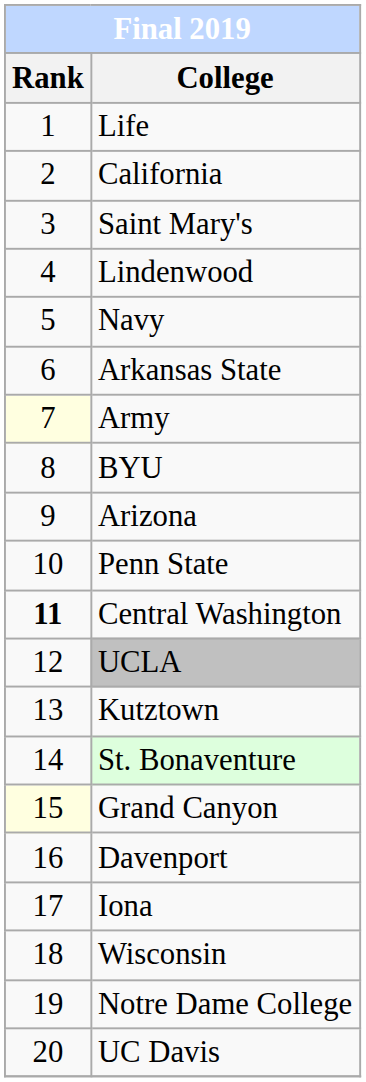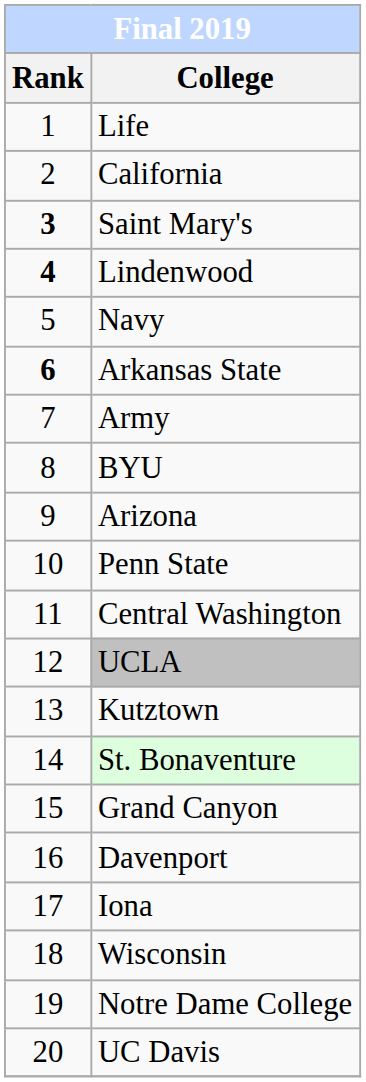 <table class="wikitable sortable collapsible collapsed">
 <tr>
 <th colspan=2 style="background:#BFD7FF; color:white;">Final 2019</th>
 </tr>
 <tr>
 <th>Rank</th>
 <th>College</th>
 </tr>
 <tr>
 <td align="center ">1</td>
 <td>Life</td>
 </tr>
 <tr>
 <td align="center ">2</td>
 <td>California</td>
 </tr>
 <tr>
-<td align="center ">3</td>
+<td align="center "><strong>3</strong></td>
 <td>Saint Mary's</td>
 </tr>
 <tr>
-<td align="center ">4</td>
+<td align="center "><strong>4</strong></td>
 <td>Lindenwood</td>
 </tr>
 <tr>
 <td align="center ">5</td>
 <td>Navy</td>
 </tr>
 <tr>
-<td align="center ">6</td>
+<td align="center "><strong>6</strong></td>
 <td>Arkansas State</td>
 </tr>
 <tr>
-<td align="center " style="background: lightyellow;">7</td>
+<td align="center ">7</td>
 <td>Army</td>
 </tr>
 <tr>
 <td align="center ">8</td>
 <td>BYU</td>
 </tr>
 <tr>
 <td align="center ">9</td>
 <td>Arizona</td>
 </tr>
 <tr>
 <td align="center ">10</td>
 <td>Penn State</td>
 </tr>
 <tr>
-<td align="center "><strong>11</strong></td>
+<td align="center ">11</td>
 <td>Central Washington</td>
 </tr>
 <tr>
 <td align="center ">12</td>
 <td style="background:silver">UCLA</td>
 </tr>
 <tr>
 <td align="center ">13</td>
 <td>Kutztown</td>
 </tr>
 <tr>
 <td align="center ">14</td>
 <td style="background:#dfd;">St. Bonaventure</td>
 </tr>
 <tr>
-<td align="center " style="background: lightyellow;">15</td>
+<td align="center ">15</td>
 <td>Grand Canyon</td>
 </tr>
 <tr>
 <td align="center ">16</td>
 <td>Davenport</td>
 </tr>
 <tr>
 <td align="center ">17</td>
 <td>Iona</td>
 </tr>
 <tr>
 <td align="center ">18</td>
 <td>Wisconsin</td>
 </tr>
 <tr>
 <td align="center ">19</td>
 <td>Notre Dame College</td>
 </tr>
 <tr>
 <td align="center ">20</td>
 <td>UC Davis</td>
 </tr>
 <tr>
 </tr>
 </table>
